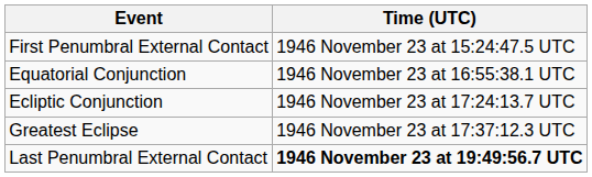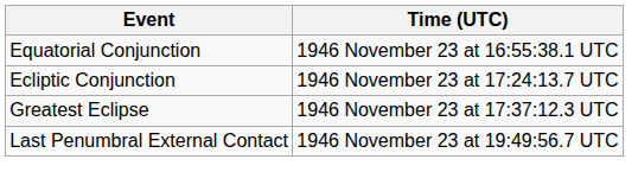 <table class="wikitable">
 <tr>
 <th>Event</th>
 <th>Time (UTC)</th>
-</tr>
-<tr>
-<td>First Penumbral External Contact</td>
-<td>1946 November 23 at 15:24:47.5 UTC</td>
 </tr>
 <tr>
 <td>Equatorial Conjunction</td>
 <td>1946 November 23 at 16:55:38.1 UTC</td>
 </tr>
 <tr>
 <td>Ecliptic Conjunction</td>
 <td>1946 November 23 at 17:24:13.7 UTC</td>
 </tr>
 <tr>
 <td>Greatest Eclipse</td>
 <td>1946 November 23 at 17:37:12.3 UTC</td>
 </tr>
 <tr>
 <td>Last Penumbral External Contact</td>
-<td><strong>1946 November 23 at 19:49:56.7 UTC</strong></td>
+<td>1946 November 23 at 19:49:56.7 UTC</td>
 </tr>
 </table>
